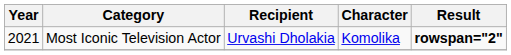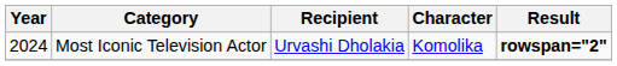 <table class="wikitable sortable">
 <tr>
 <th>Year</th>
 <th>Category</th>
 <th>Recipient</th>
 <th>Character</th>
 <th>Result</th>
 </tr>
 <tr>
-<td>2021</td>
+<td>2024</td>
 <td>Most Iconic Television Actor</td>
 <td><a href='#'>Urvashi Dholakia</a></td>
 <td><a href='#'>Komolika</a></td>
 <td><strong>rowspan="2" </strong></td>
 </tr>
 <tr>
 </tr>
 </table>
